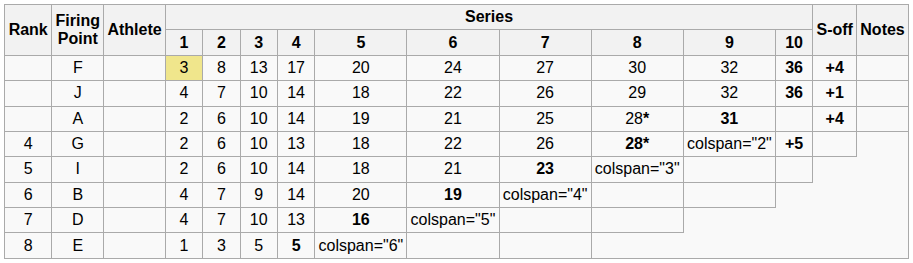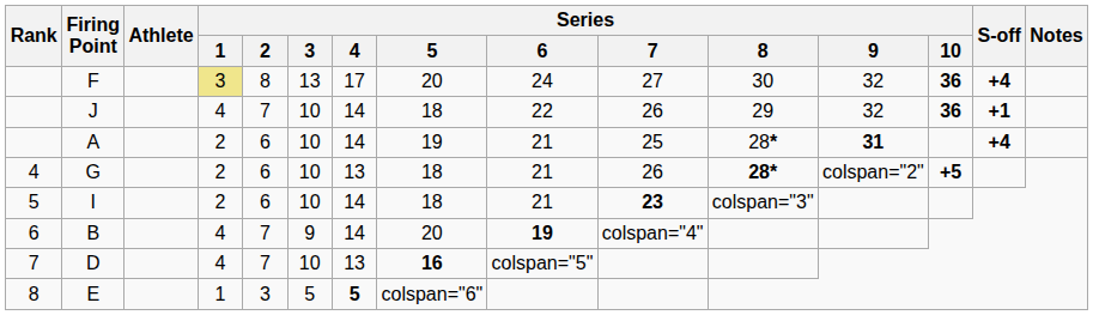 <table class="wikitable" style="text-align:center">
 <tr>
 <th rowspan=2 width=40>Rank</th>
 <th rowspan=2 width=40>Firing Point</th>
 <th rowspan=2>Athlete</th>
 <th colspan=10>Series</th>
 <th rowspan=2>S-off</th>
 <th rowspan=2 width=40>Notes</th>
 </tr>
 <tr>
 <th width=30>1</th>
 <th width=30>2</th>
 <th width=30>3</th>
 <th width=30>4</th>
 <th width=30>5</th>
 <th width=30>6</th>
 <th width=30>7</th>
 <th width=30>8</th>
 <th width=30>9</th>
 <th width=30>10</th>
 </tr>
 <tr>
 <td></td>
 <td>F</td>
 <td align="left"></td>
 <td style="background: khaki;">3</td>
 <td>8</td>
 <td>13</td>
 <td>17</td>
 <td>20</td>
 <td>24</td>
 <td>27</td>
 <td>30</td>
 <td>32</td>
 <td><strong>36</strong></td>
 <td><strong>+4</strong></td>
 <td></td>
 </tr>
 <tr>
 <td></td>
 <td>J</td>
 <td align="left"></td>
 <td>4</td>
 <td>7</td>
 <td>10</td>
 <td>14</td>
 <td>18</td>
 <td>22</td>
 <td>26</td>
 <td>29</td>
 <td>32</td>
 <td><strong>36</strong></td>
 <td><strong>+1</strong></td>
 <td></td>
 </tr>
 <tr>
 <td></td>
 <td>A</td>
 <td align="left"></td>
 <td>2</td>
 <td>6</td>
 <td>10</td>
 <td>14</td>
 <td>19</td>
 <td>21</td>
 <td>25</td>
 <td>28<strong>*</strong></td>
 <td><strong>31</strong></td>
 <td></td>
 <td><strong>+4</strong></td>
 <td></td>
 </tr>
 <tr>
 <td>4</td>
 <td>G</td>
 <td align="left"></td>
 <td>2</td>
 <td>6</td>
 <td>10</td>
 <td>13</td>
 <td>18</td>
-<td>22</td>
+<td>21</td>
 <td>26</td>
 <td><strong>28*</strong></td>
 <td>colspan="2" </td>
 <td><strong>+5</strong></td>
 <td></td>
 </tr>
 <tr>
 <td>5</td>
 <td>I</td>
 <td align="left"></td>
 <td>2</td>
 <td>6</td>
 <td>10</td>
 <td>14</td>
 <td>18</td>
 <td>21</td>
 <td><strong>23</strong></td>
 <td>colspan="3" </td>
 <td></td>
 <td></td>
 </tr>
 <tr>
 <td>6</td>
 <td>B</td>
 <td align="left"></td>
 <td>4</td>
 <td>7</td>
 <td>9</td>
 <td>14</td>
 <td>20</td>
 <td><strong>19</strong></td>
 <td>colspan="4" </td>
 <td></td>
 <td></td>
 </tr>
 <tr>
 <td>7</td>
 <td>D</td>
 <td align="left"></td>
 <td>4</td>
 <td>7</td>
 <td>10</td>
 <td>13</td>
 <td><strong>16</strong></td>
 <td>colspan="5" </td>
 <td></td>
 <td></td>
 </tr>
 <tr>
 <td>8</td>
 <td>E</td>
 <td align="left"></td>
 <td>1</td>
 <td>3</td>
 <td>5</td>
 <td><strong>5</strong></td>
 <td>colspan="6" </td>
 <td></td>
 <td></td>
 </tr>
 </table>
